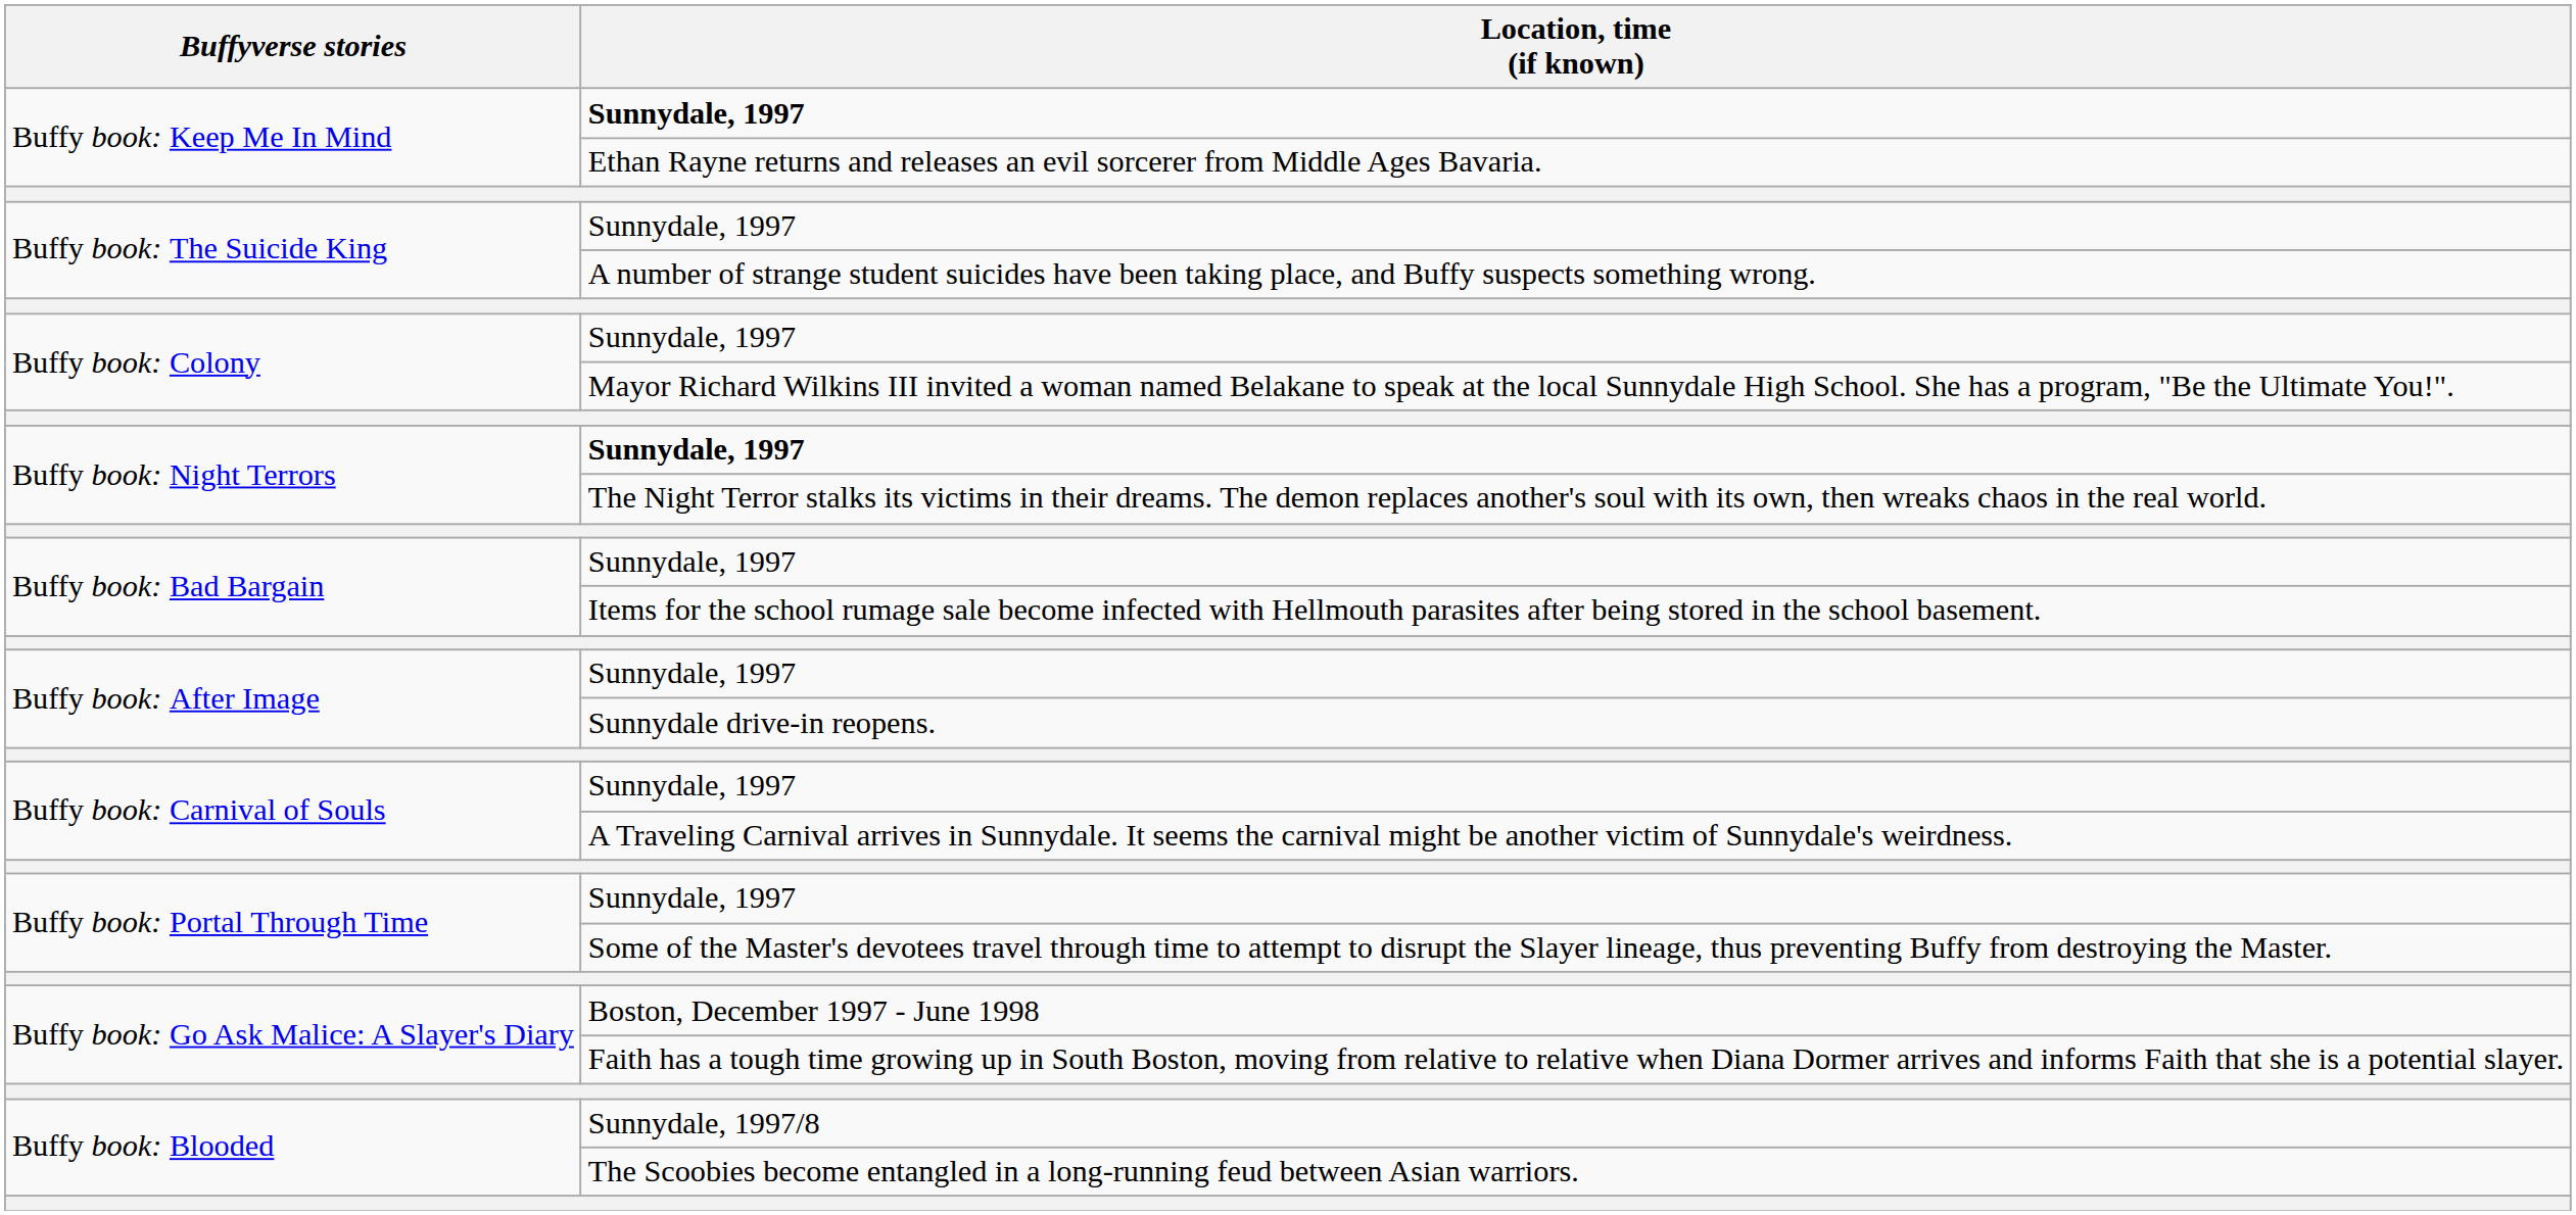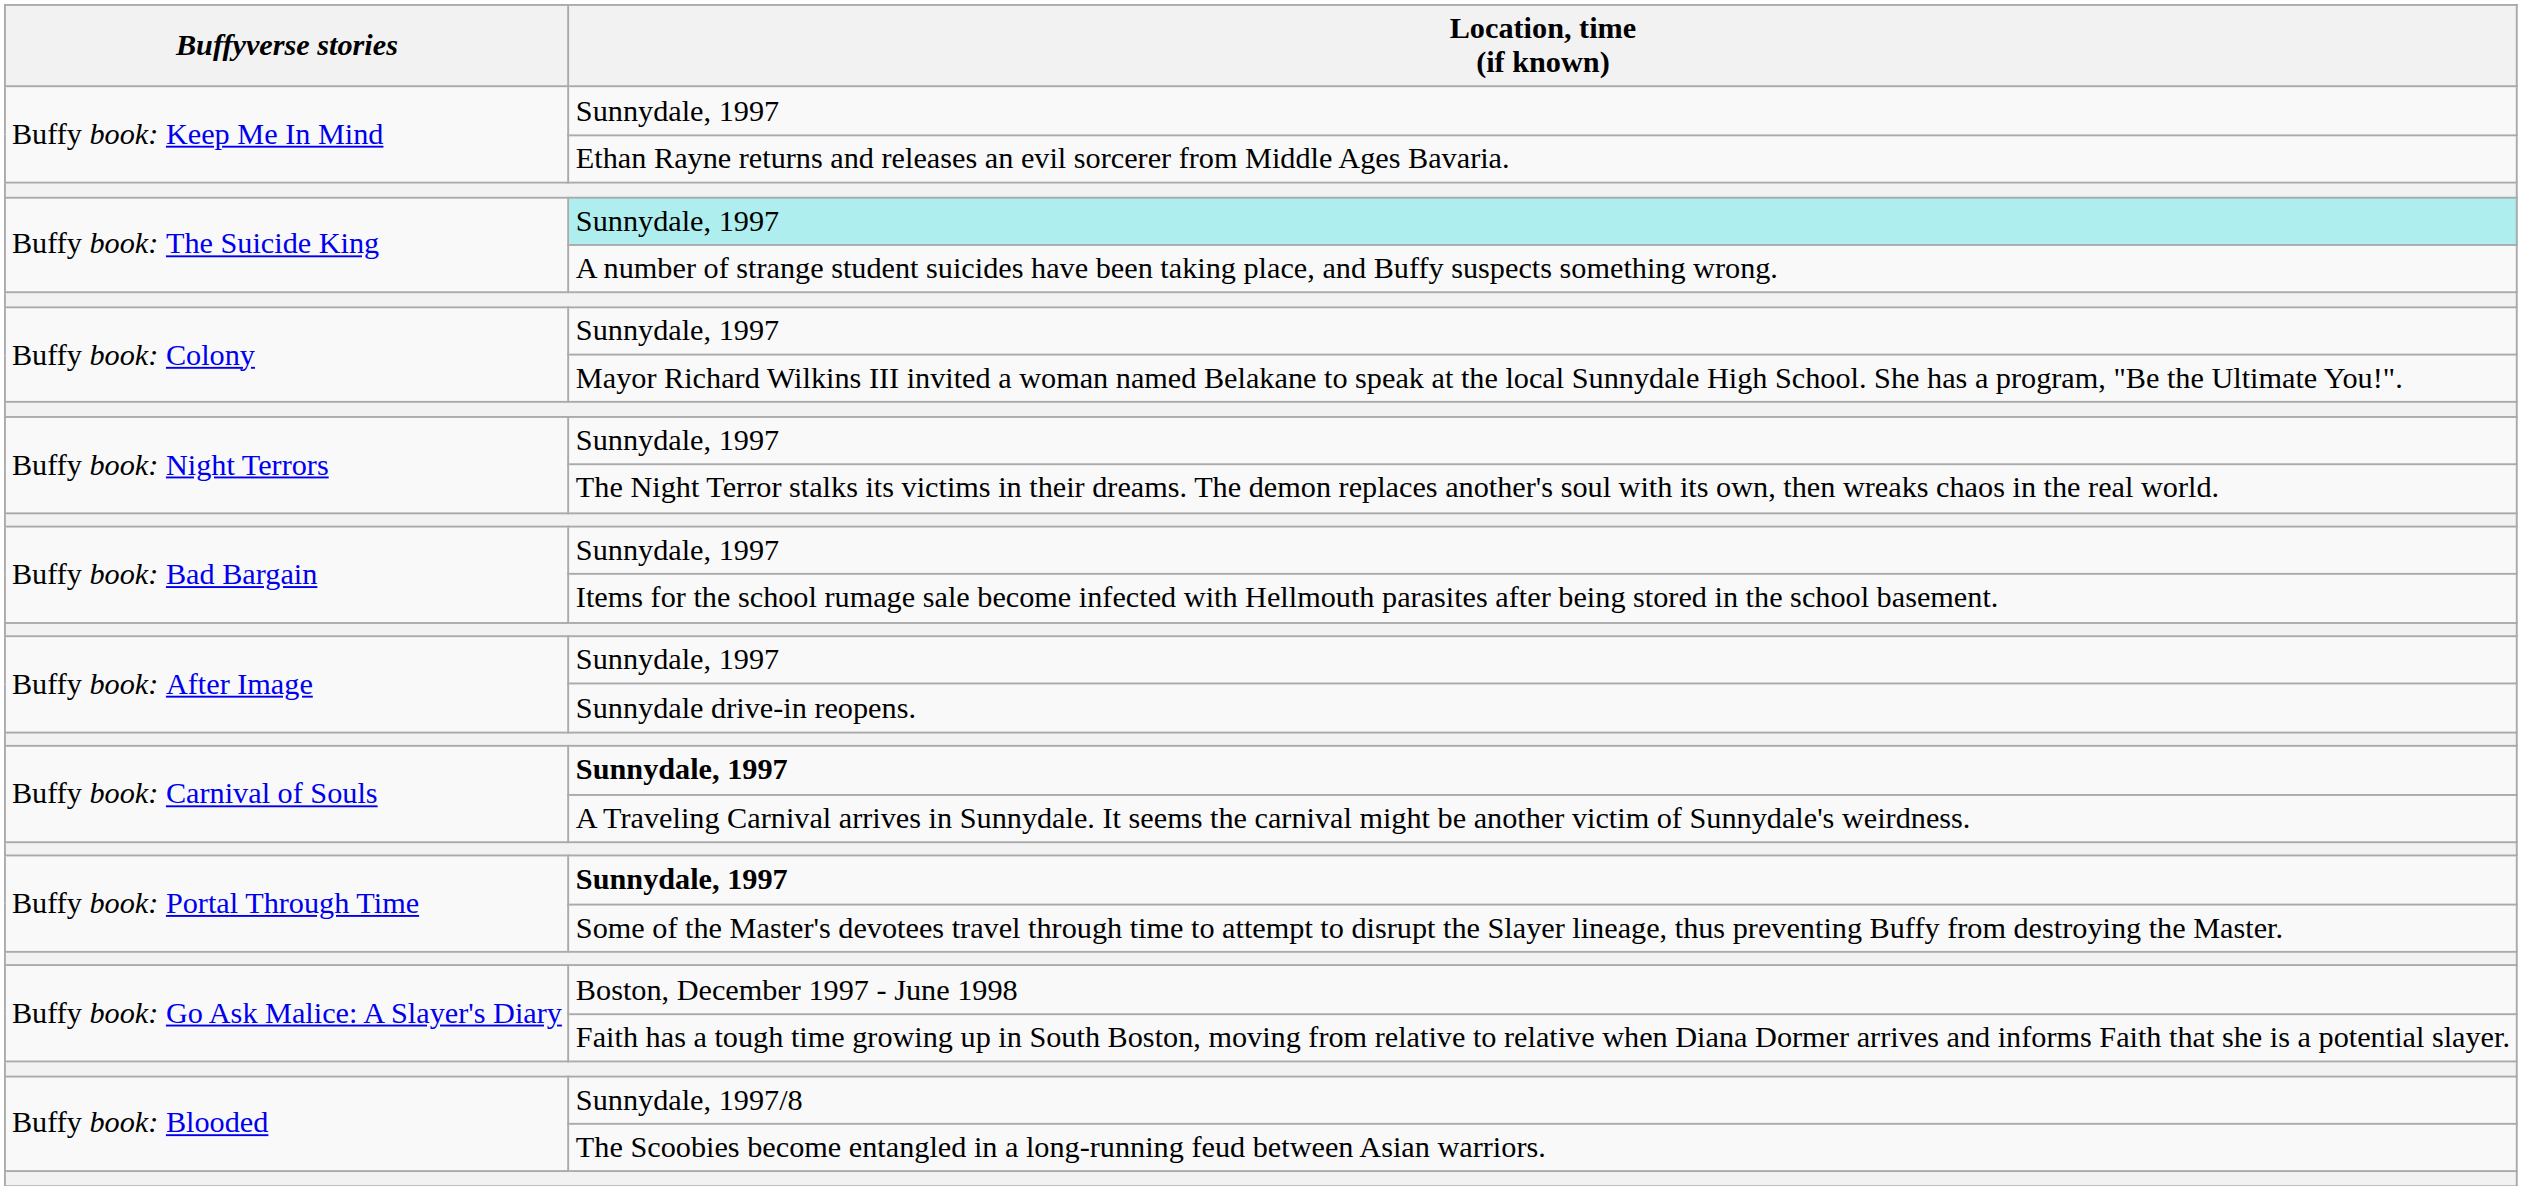 <table class="wikitable">
 <tr style="backgroundLlightsteelblue; text-align: left;">
 <th><strong><em>Buffyverse<em> stories<strong></th>
 <th></strong>Location, time<strong><br>  (if known)</th>
 </tr>
 <tr>
 <td rowspan="2"></em>Buffy<em> book: </em><a href='#'>Keep Me In Mind</a><em></td>
-<td><strong>Sunnydale, 1997</strong></td>
+<td>Sunnydale, 1997</td>
 </tr>
 <tr>
 <td colspan="4">Ethan Rayne returns and releases an evil sorcerer from Middle Ages Bavaria.</td>
 </tr>
 <tr>
 <td colspan="6" bgcolor="#f2f2f2"></td>
 </tr>
 <tr>
 <td rowspan="2"></em>Buffy<em> book: </em><a href='#'>The Suicide King</a><em></td>
-<td>Sunnydale, 1997</td>
+<td style="background: paleturquoise;">Sunnydale, 1997</td>
 </tr>
 <tr>
 <td colspan="4">A number of strange student suicides have been taking place, and Buffy suspects something wrong.</td>
 </tr>
 <tr>
 <td colspan="6" bgcolor="#f2f2f2"></td>
 </tr>
 <tr>
 <td rowspan="2"></em>Buffy<em> book: </em><a href='#'>Colony</a><em></td>
 <td>Sunnydale, 1997</td>
 </tr>
 <tr>
 <td colspan="4">Mayor Richard Wilkins III invited a woman named Belakane to speak at the local Sunnydale High School. She has a program, "Be the Ultimate You!".</td>
 </tr>
 <tr>
 <td colspan="6" bgcolor="#f2f2f2"></td>
 </tr>
 <tr>
 <td rowspan="2"></em>Buffy<em> book: </em><a href='#'>Night Terrors</a><em></td>
-<td><strong>Sunnydale, 1997</strong></td>
+<td>Sunnydale, 1997</td>
 </tr>
 <tr>
 <td colspan="4">The Night Terror stalks its victims in their dreams. The demon replaces another's soul with its own, then wreaks chaos in the real world.</td>
 </tr>
 <tr>
 <td colspan="6" bgcolor="#f2f2f2"></td>
 </tr>
 <tr>
 <td rowspan="2"></em>Buffy<em> book: </em><a href='#'>Bad Bargain</a><em></td>
 <td>Sunnydale, 1997</td>
 </tr>
 <tr>
 <td colspan="4">Items for the school rumage sale become infected with Hellmouth parasites after being stored in the school basement.</td>
 </tr>
 <tr>
 <td colspan="6" bgcolor="#f2f2f2"></td>
 </tr>
 <tr>
 <td rowspan="2"></em>Buffy<em> book: </em><a href='#'>After Image</a><em></td>
 <td>Sunnydale, 1997</td>
 </tr>
 <tr>
 <td colspan="4">Sunnydale drive-in reopens.</td>
 </tr>
 <tr>
 <td colspan="6" bgcolor="#f2f2f2"></td>
 </tr>
 <tr>
 <td rowspan="2"></em>Buffy<em> book: </em><a href='#'>Carnival of Souls</a><em></td>
-<td>Sunnydale, 1997</td>
+<td><strong>Sunnydale, 1997</strong></td>
 </tr>
 <tr>
 <td colspan="4">A Traveling Carnival arrives in Sunnydale. It seems the carnival might be another victim of Sunnydale's weirdness.</td>
 </tr>
 <tr>
 <td colspan="6" bgcolor="#f2f2f2"></td>
 </tr>
 <tr>
 <td rowspan="2"></em>Buffy<em> book: </em><a href='#'>Portal Through Time</a><em></td>
-<td>Sunnydale, 1997</td>
+<td><strong>Sunnydale, 1997</strong></td>
 </tr>
 <tr>
 <td colspan="4">Some of the Master's devotees travel through time to attempt to disrupt the Slayer lineage, thus preventing Buffy from destroying the Master.</td>
 </tr>
 <tr>
 <td colspan="6" bgcolor="#f2f2f2"></td>
 </tr>
 <tr>
 <td rowspan="2"></em>Buffy<em> book: </em><a href='#'>Go Ask Malice: A Slayer's Diary</a><em></td>
 <td>Boston, December 1997 - June 1998</td>
 </tr>
 <tr>
 <td colspan="4">Faith has a tough time growing up in South Boston, moving from relative to relative when Diana Dormer arrives and informs Faith that she is a potential slayer.</td>
 </tr>
 <tr>
 <td colspan="6" bgcolor="#f2f2f2"></td>
 </tr>
 <tr>
 <td rowspan="2"></em>Buffy<em> book: </em><a href='#'>Blooded</a><em></td>
 <td>Sunnydale, 1997/8</td>
 </tr>
 <tr>
 <td colspan="4">The Scoobies become entangled in a long-running feud between Asian warriors.</td>
 </tr>
 <tr>
 <td colspan="6" bgcolor="#f2f2f2"></td>
 </tr>
 </table>
